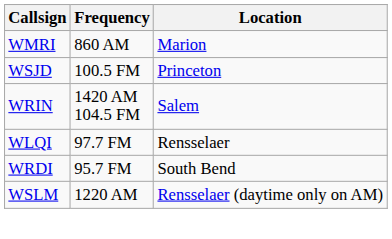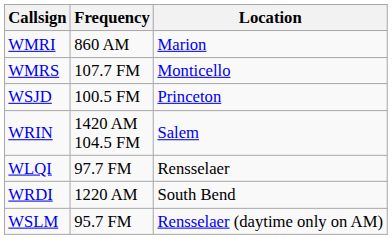 <table class="wikitable">
 <tr>
 <th>Callsign</th>
 <th>Frequency</th>
 <th>Location</th>
 </tr>
 <tr>
 <td><a href='#'>WMRI</a></td>
 <td>860 AM</td>
 <td><a href='#'>Marion</a></td>
+</tr>
+<tr>
+<td><a href='#'>WMRS</a></td>
+<td>107.7 FM</td>
+<td><a href='#'>Monticello</a></td>
 </tr>
 <tr>
 <td><a href='#'>WSJD</a></td>
 <td>100.5 FM</td>
 <td><a href='#'>Princeton</a></td>
 </tr>
 <tr>
 <td><a href='#'>WRIN</a><br></td>
 <td>1420 AM<br>104.5 FM</td>
 <td><a href='#'>Salem</a></td>
 </tr>
 <tr>
 <td><a href='#'>WLQI</a></td>
 <td>97.7 FM</td>
 <td>Rensselaer</td>
 </tr>
 <tr>
 <td><a href='#'>WRDI</a></td>
-<td>95.7 FM</td>
+<td>1220 AM</td>
 <td>South Bend</td>
 </tr>
 <tr>
 <td><a href='#'>WSLM</a></td>
-<td>1220 AM</td>
+<td>95.7 FM</td>
 <td><a href='#'>Rensselaer</a> (daytime only on AM)</td>
 </tr>
 </table>
